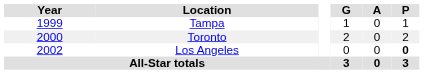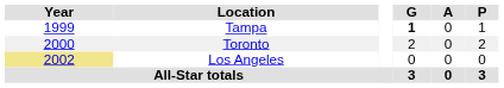 <table BORDER="0" CELLPADDING="0" CELLSPACING="0" width="45%" style="text-align:centre">
 <tr bgcolor="#e0e0e0">
 <th>Year</th>
 <th>Location</th>
 <th rowspan="99" bgcolor="#ffffff"> </th>
 <th>G</th>
 <th>A</th>
 <th>P</th>
 </tr>
 <tr ALIGN="center">
 <td><a href='#'>1999</a></td>
 <td><a href='#'>Tampa</a></td>
-<td>1</td>
+<td><strong>1</strong></td>
 <td>0</td>
 <td>1</td>
 </tr>
 <tr ALIGN="center" bgcolor="#f0f0f0">
 <td><a href='#'>2000</a></td>
 <td><a href='#'>Toronto</a></td>
 <td>2</td>
 <td>0</td>
 <td>2</td>
 </tr>
 <tr ALIGN="center">
-<td><a href='#'>2002</a></td>
+<td style="background: khaki;"><a href='#'>2002</a></td>
 <td><a href='#'>Los Angeles</a></td>
 <td>0</td>
 <td>0</td>
-<td><strong>0</strong></td>
+<td>0</td>
 </tr>
 <tr bgcolor="#e0e0e0">
 <th colspan=3>All-Star totals</th>
 <th>3</th>
 <th>0</th>
 <th>3</th>
 </tr>
 </table>
